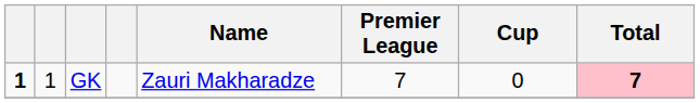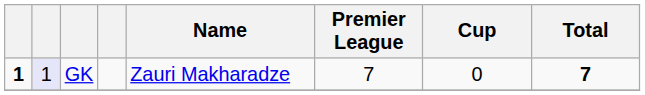 <table class="wikitable" style="text-align:center">
 <tr>
 <th width=15></th>
 <th width=15></th>
 <th width=15></th>
 <th width=15></th>
 <th width=145>Name</th>
 <th width=80><strong>Premier League</strong></th>
 <th width=80><strong>Cup</strong></th>
 <th width=80>Total</th>
 </tr>
 <tr>
 <td><strong>1</strong></td>
-<td>1</td>
+<td style="background: lavender;">1</td>
 <td><a href='#'>GK</a></td>
 <td></td>
 <td align=left><a href='#'>Zauri Makharadze</a></td>
 <td>7</td>
 <td>0</td>
-<td style="background: pink;"><strong>7</strong></td>
+<td><strong>7</strong></td>
 </tr>
 <tr>
 </tr>
 </table>
